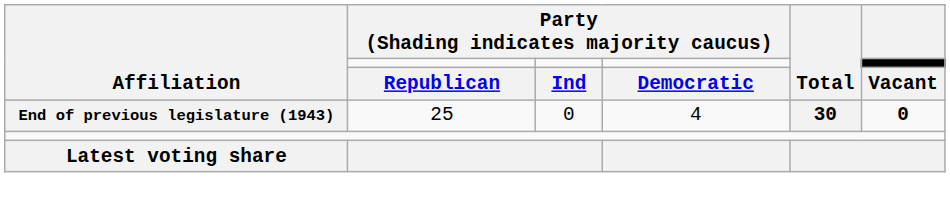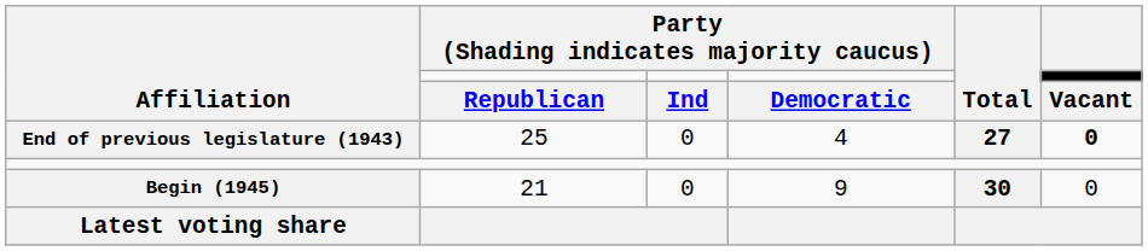 <table class=wikitable style="text-align:center; width:50%">
 <tr style="vertical-align:bottom;">
 <th rowspan=3>Affiliation</th>
 <th colspan=3>Party <div>(Shading indicates majority caucus)</div></th>
 <th rowspan=3>Total</th>
 <th></th>
 </tr>
 <tr style="height:5px">
 <td style="background-color:"></td>
 <td style="background-color:"></td>
 <td style="background-color:"></td>
 <td style="background-color:black"></td>
 </tr>
 <tr>
 <th><a href='#'>Republican</a></th>
 <th><a href='#'>Ind</a></th>
 <th><a href='#'>Democratic</a></th>
 <th>Vacant</th>
 </tr>
 <tr>
 <th nowrap style="font-size:80%">End of previous legislature (1943)</th>
 <td>25</td>
 <td>0</td>
 <td>4</td>
-<th>30</th>
+<th>27</th>
 <td><strong>0</strong></td>
 </tr>
 <tr>
 <td colspan=6></td>
+</tr>
+<tr>
+<th nowrap style="font-size:80%">Begin (1945)</th>
+<td>21</td>
+<td>0</td>
+<td>9</td>
+<th>30</th>
+<td>0</td>
 </tr>
 <tr>
 <th>Latest voting share</th>
 <th colspan=2 ></th>
 <th></th>
 <th colspan=2></th>
 </tr>
 </table>
